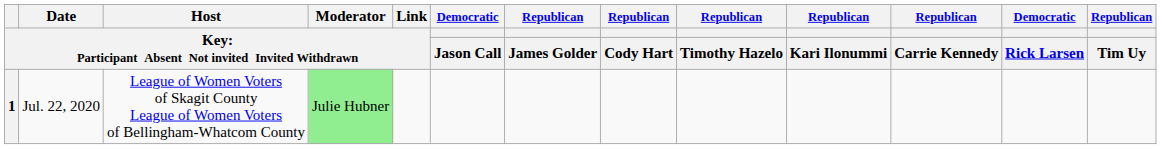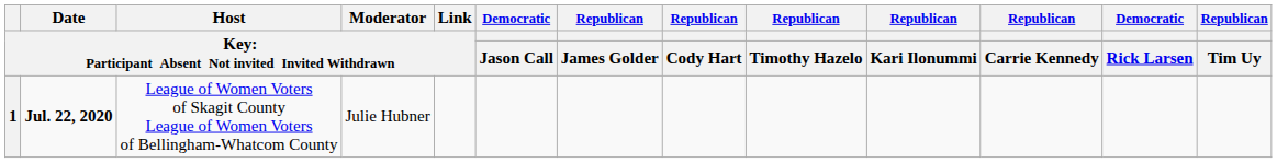 <table class="wikitable" style="text-align:center;">
 <tr>
 <th scope="col"></th>
 <th scope="col">Date</th>
 <th scope="col">Host</th>
 <th scope="col">Moderator</th>
 <th scope="col">Link</th>
 <th scope="col"><small><a href='#'>Democratic</a></small></th>
 <th scope="col"><small><a href='#'>Republican</a></small></th>
 <th scope="col"><small><a href='#'>Republican</a></small></th>
 <th scope="col"><small><a href='#'>Republican</a></small></th>
 <th scope="col"><small><a href='#'>Republican</a></small></th>
 <th scope="col"><small><a href='#'>Republican</a></small></th>
 <th scope="col"><small><a href='#'>Democratic</a></small></th>
 <th scope="col"><small><a href='#'>Republican</a></small></th>
 </tr>
 <tr>
 <th colspan="5" rowspan="2">Key:<br> <small>Participant </small>  <small>Absent </small>  <small>Not invited </small>  <small>Invited  Withdrawn</small></th>
 <th scope="col" style="background:"></th>
 <th scope="col" style="background:"></th>
 <th scope="col" style="background:"></th>
 <th scope="col" style="background:"></th>
 <th scope="col" style="background:"></th>
 <th scope="col" style="background:"></th>
 <th scope="col" style="background:"></th>
 <th scope="col" style="background:"></th>
 </tr>
 <tr>
 <th scope="col">Jason Call</th>
 <th scope="col">James Golder</th>
 <th scope="col">Cody Hart</th>
 <th scope="col">Timothy Hazelo</th>
 <th scope="col">Kari Ilonummi</th>
 <th scope="col">Carrie Kennedy</th>
 <th scope="col"><a href='#'>Rick Larsen</a></th>
 <th scope="col">Tim Uy</th>
 </tr>
 <tr>
 <th>1</th>
-<td style="white-space:nowrap;">Jul. 22, 2020</td>
+<td style="white-space:nowrap;"><strong>Jul. 22, 2020</strong></td>
 <td style="white-space:nowrap;"><a href='#'>League of Women Voters</a><br>of Skagit County<br><a href='#'>League of Women Voters</a><br>of Bellingham-Whatcom County</td>
-<td style="background: lightgreen; white-space:nowrap;">Julie Hubner</td>
+<td style="white-space:nowrap;">Julie Hubner</td>
 <td style="white-space:nowrap;"></td>
 <td></td>
 <td></td>
 <td></td>
 <td></td>
 <td></td>
 <td></td>
 <td></td>
 <td></td>
 </tr>
 </table>
